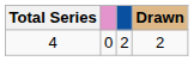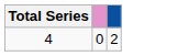 <table class="wikitable">
 <tr>
 <th>Total Series</th>
 <th style="background:#E494CC"></th>
 <th style="background:#0a50a1"></th>
-<th style="background:#deb887">Drawn</th>
 </tr>
 <tr>
 <td align="center">4</td>
 <td align="center">0</td>
 <td align="center">2</td>
-<td align="center">2</td>
 </tr>
 </table>
